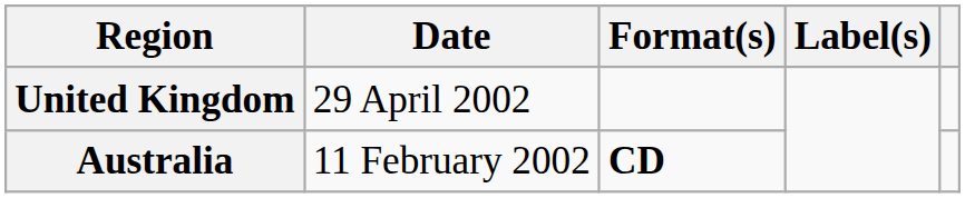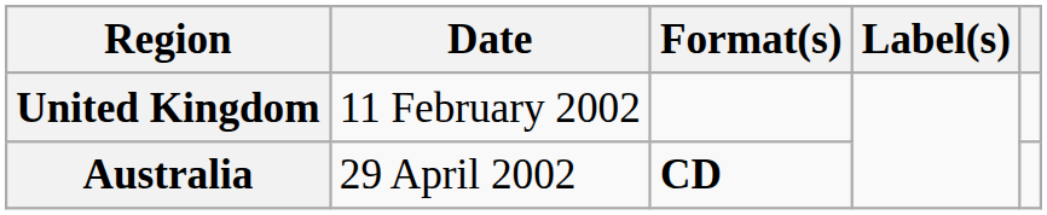 <table class="wikitable plainrowheaders">
 <tr>
 <th scope="col">Region</th>
 <th scope="col">Date</th>
 <th scope="col">Format(s)</th>
 <th scope="col">Label(s)</th>
 <th scope="col"></th>
 </tr>
 <tr>
 <th scope="row">United Kingdom</th>
-<td>29 April 2002</td>
+<td>11 February 2002</td>
 <td></td>
 <td rowspan="2"></td>
 <td></td>
 </tr>
 <tr>
 <th scope="row">Australia</th>
-<td>11 February 2002</td>
+<td>29 April 2002</td>
 <td><strong>CD</strong></td>
 <td></td>
 </tr>
 </table>
